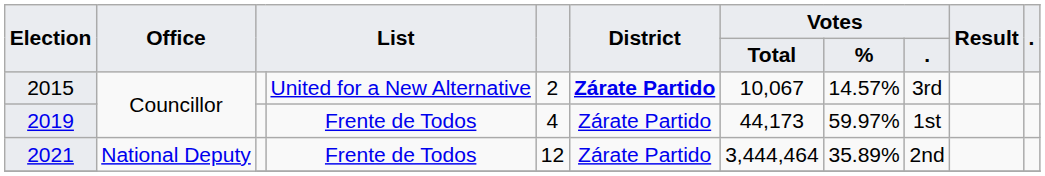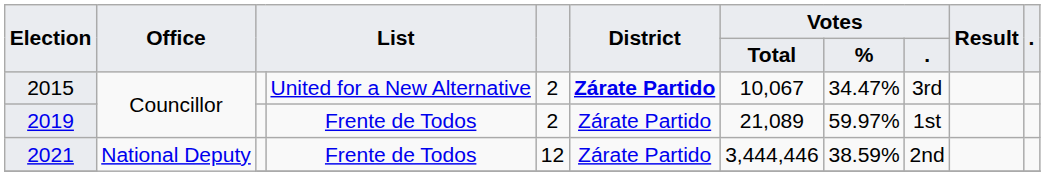 <table class="wikitable" style="font-size:90%; text-align:center;">
 <tr>
 <th style="background-color:#EAECF0;" rowspan=2>Election</th>
 <th style="background-color:#EAECF0;" rowspan=2>Office</th>
 <th style="background-color:#EAECF0;" colspan=2 rowspan=2>List</th>
 <th style="background-color:#EAECF0;" rowspan=2></th>
 <th style="background-color:#EAECF0;" rowspan=2>District</th>
 <th style="background-color:#EAECF0;" colspan=3>Votes</th>
 <th style="background-color:#EAECF0;" rowspan=2>Result</th>
 <th style="background-color:#EAECF0;" rowspan=2>.</th>
 </tr>
 <tr>
 <th style="background-color:#EAECF0;">Total</th>
 <th style="background-color:#EAECF0;">%</th>
 <th style="background-color:#EAECF0;">.</th>
 </tr>
 <tr>
 <td style="background-color:#EAECF0;">2015</td>
 <td rowspan="2">Councillor</td>
 <td style="background-color:"></td>
 <td><a href='#'>United for a New Alternative</a></td>
 <td>2</td>
 <td><strong><a href='#'>Zárate Partido</a></strong></td>
 <td>10,067</td>
-<td>14.57%</td>
+<td>34.47%</td>
 <td>3rd</td>
 <td></td>
 <td></td>
 </tr>
 <tr>
 <td style="background-color:#EAECF0;"><a href='#'>2019</a></td>
 <td style="background-color:"></td>
 <td><a href='#'>Frente de Todos</a></td>
-<td>4</td>
+<td>2</td>
 <td><a href='#'>Zárate Partido</a></td>
-<td>44,173</td>
+<td>21,089</td>
 <td>59.97%</td>
 <td>1st</td>
 <td></td>
 <td></td>
 </tr>
 <tr>
 <td style="background-color:#EAECF0;"><a href='#'>2021</a></td>
 <td rowspan="2"><a href='#'>National Deputy</a></td>
 <td style="background-color:"></td>
 <td><a href='#'>Frente de Todos</a></td>
 <td>12</td>
 <td><a href='#'>Zárate Partido</a></td>
-<td>3,444,464</td>
-<td>35.89%</td>
+<td>3,444,446</td>
+<td>38.59%</td>
 <td>2nd</td>
 <td></td>
 <td></td>
 </tr>
 <tr>
 </tr>
 </table>
